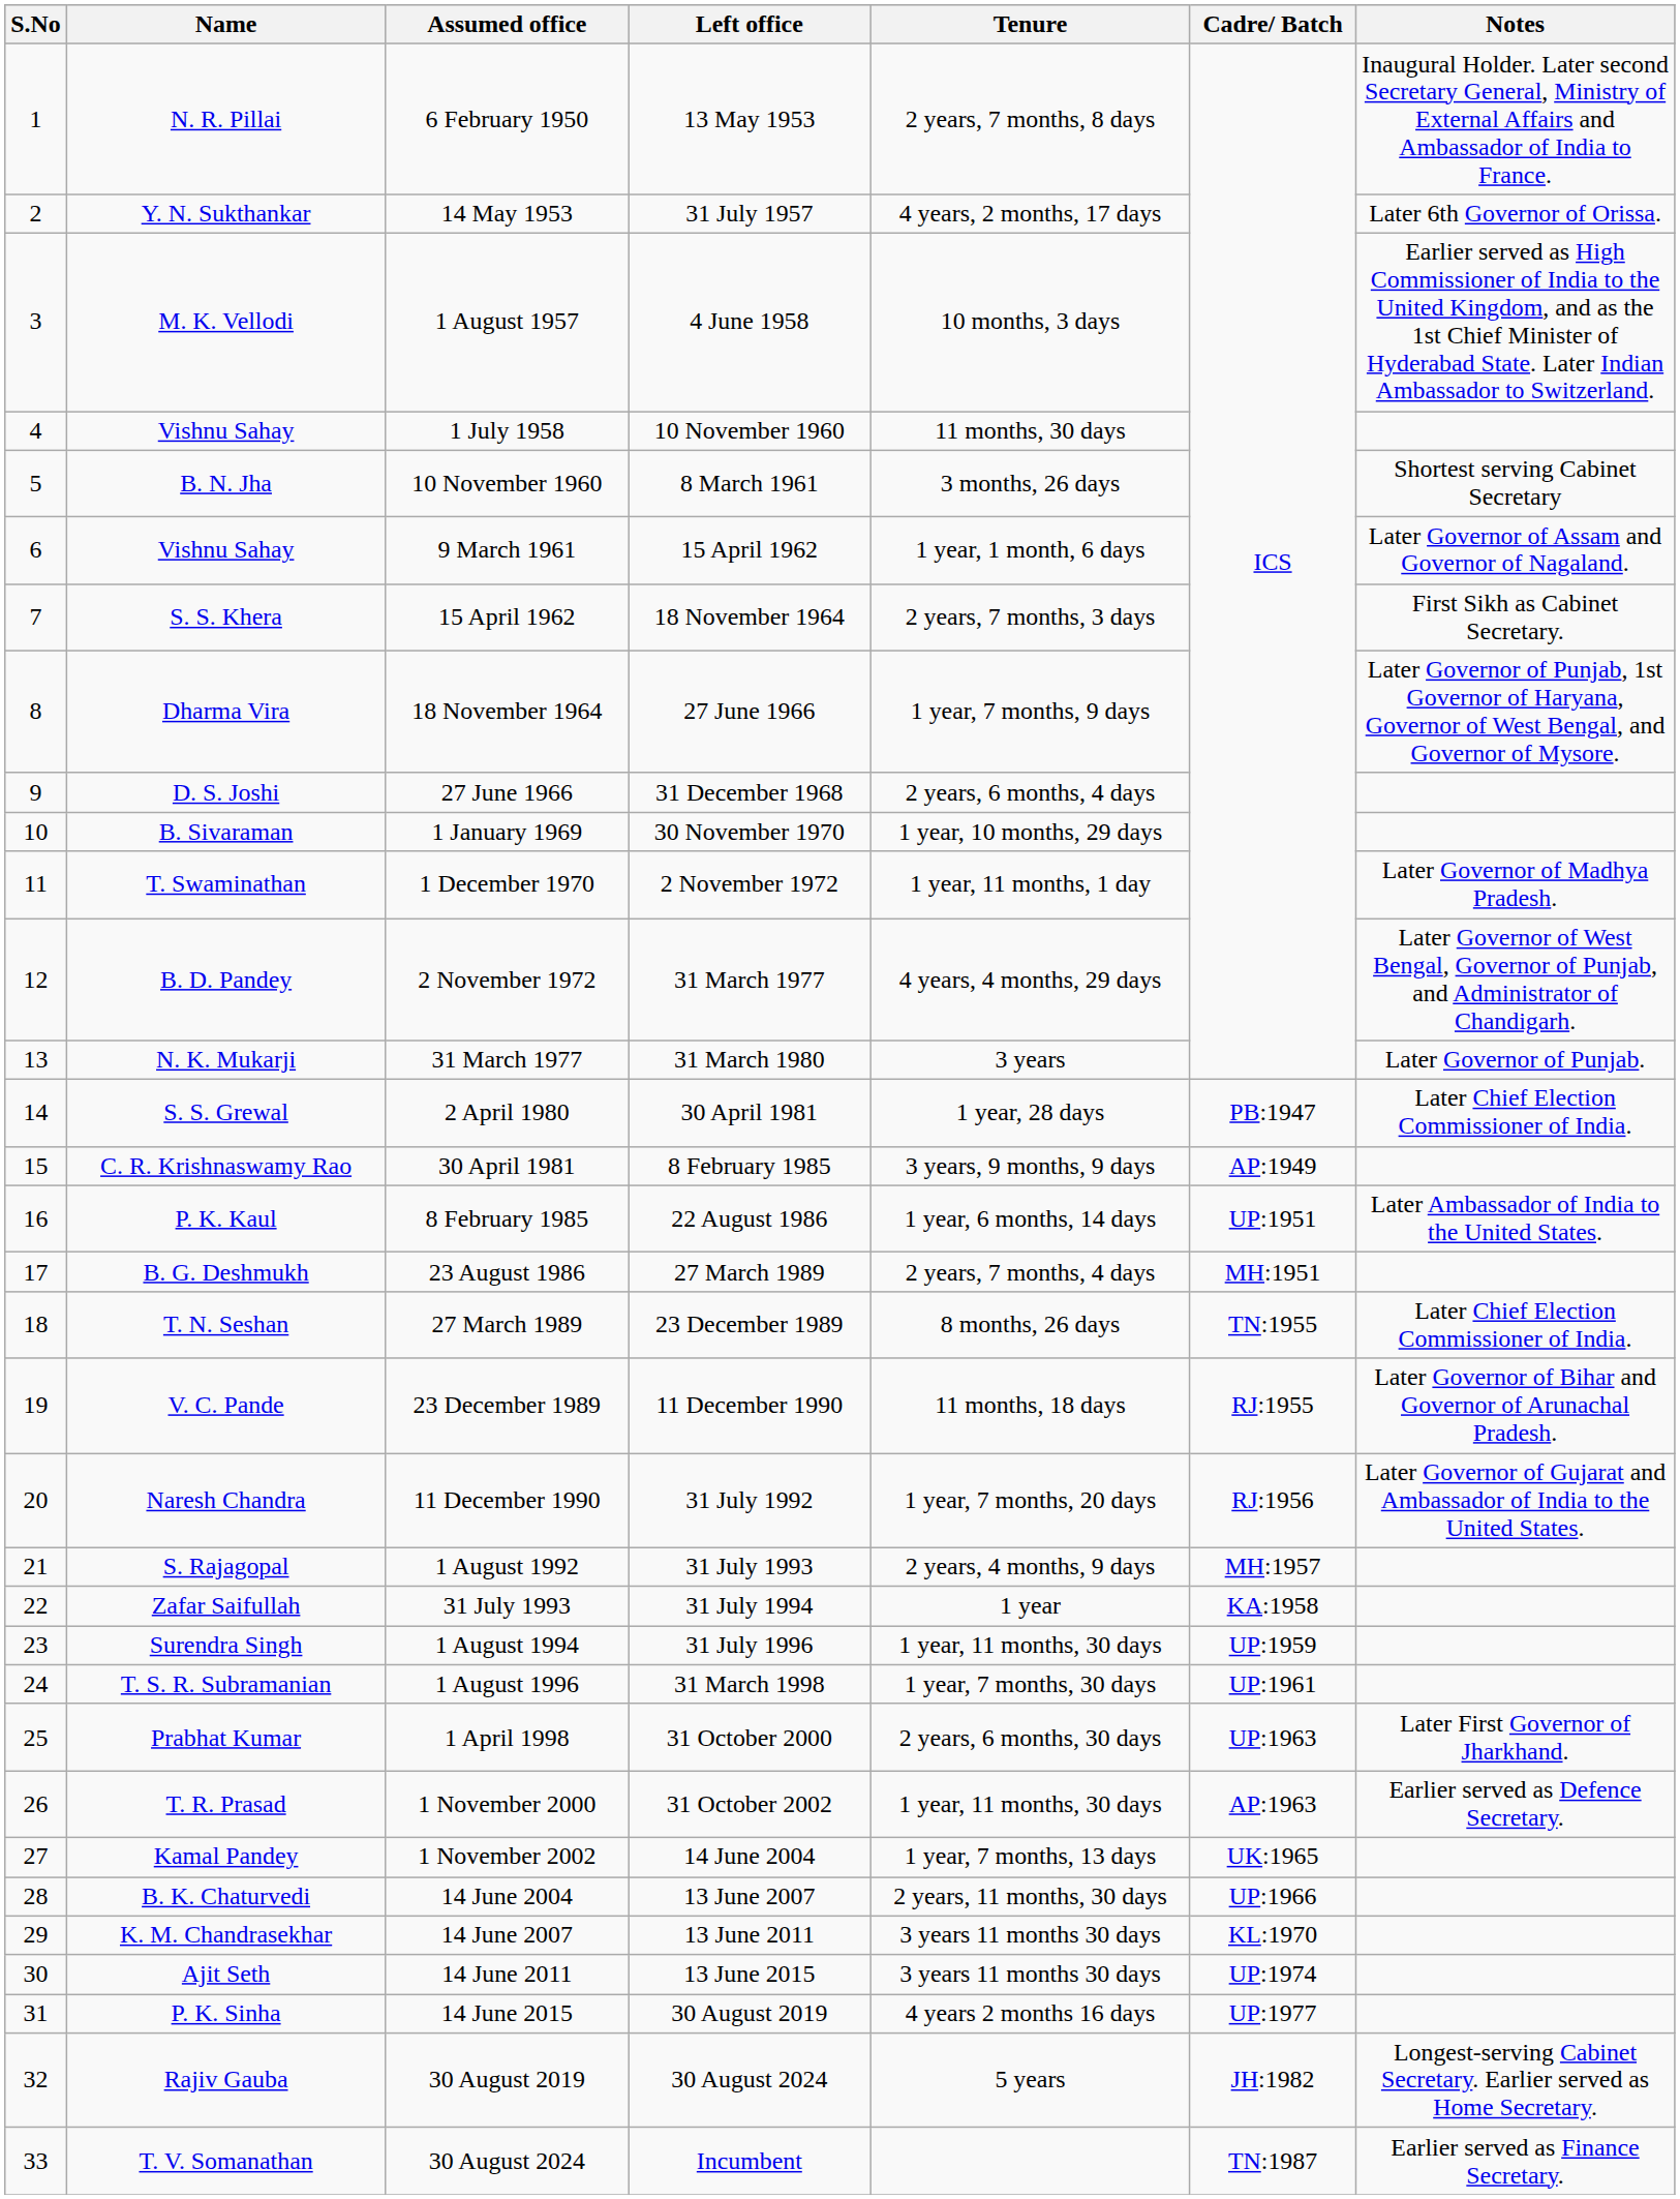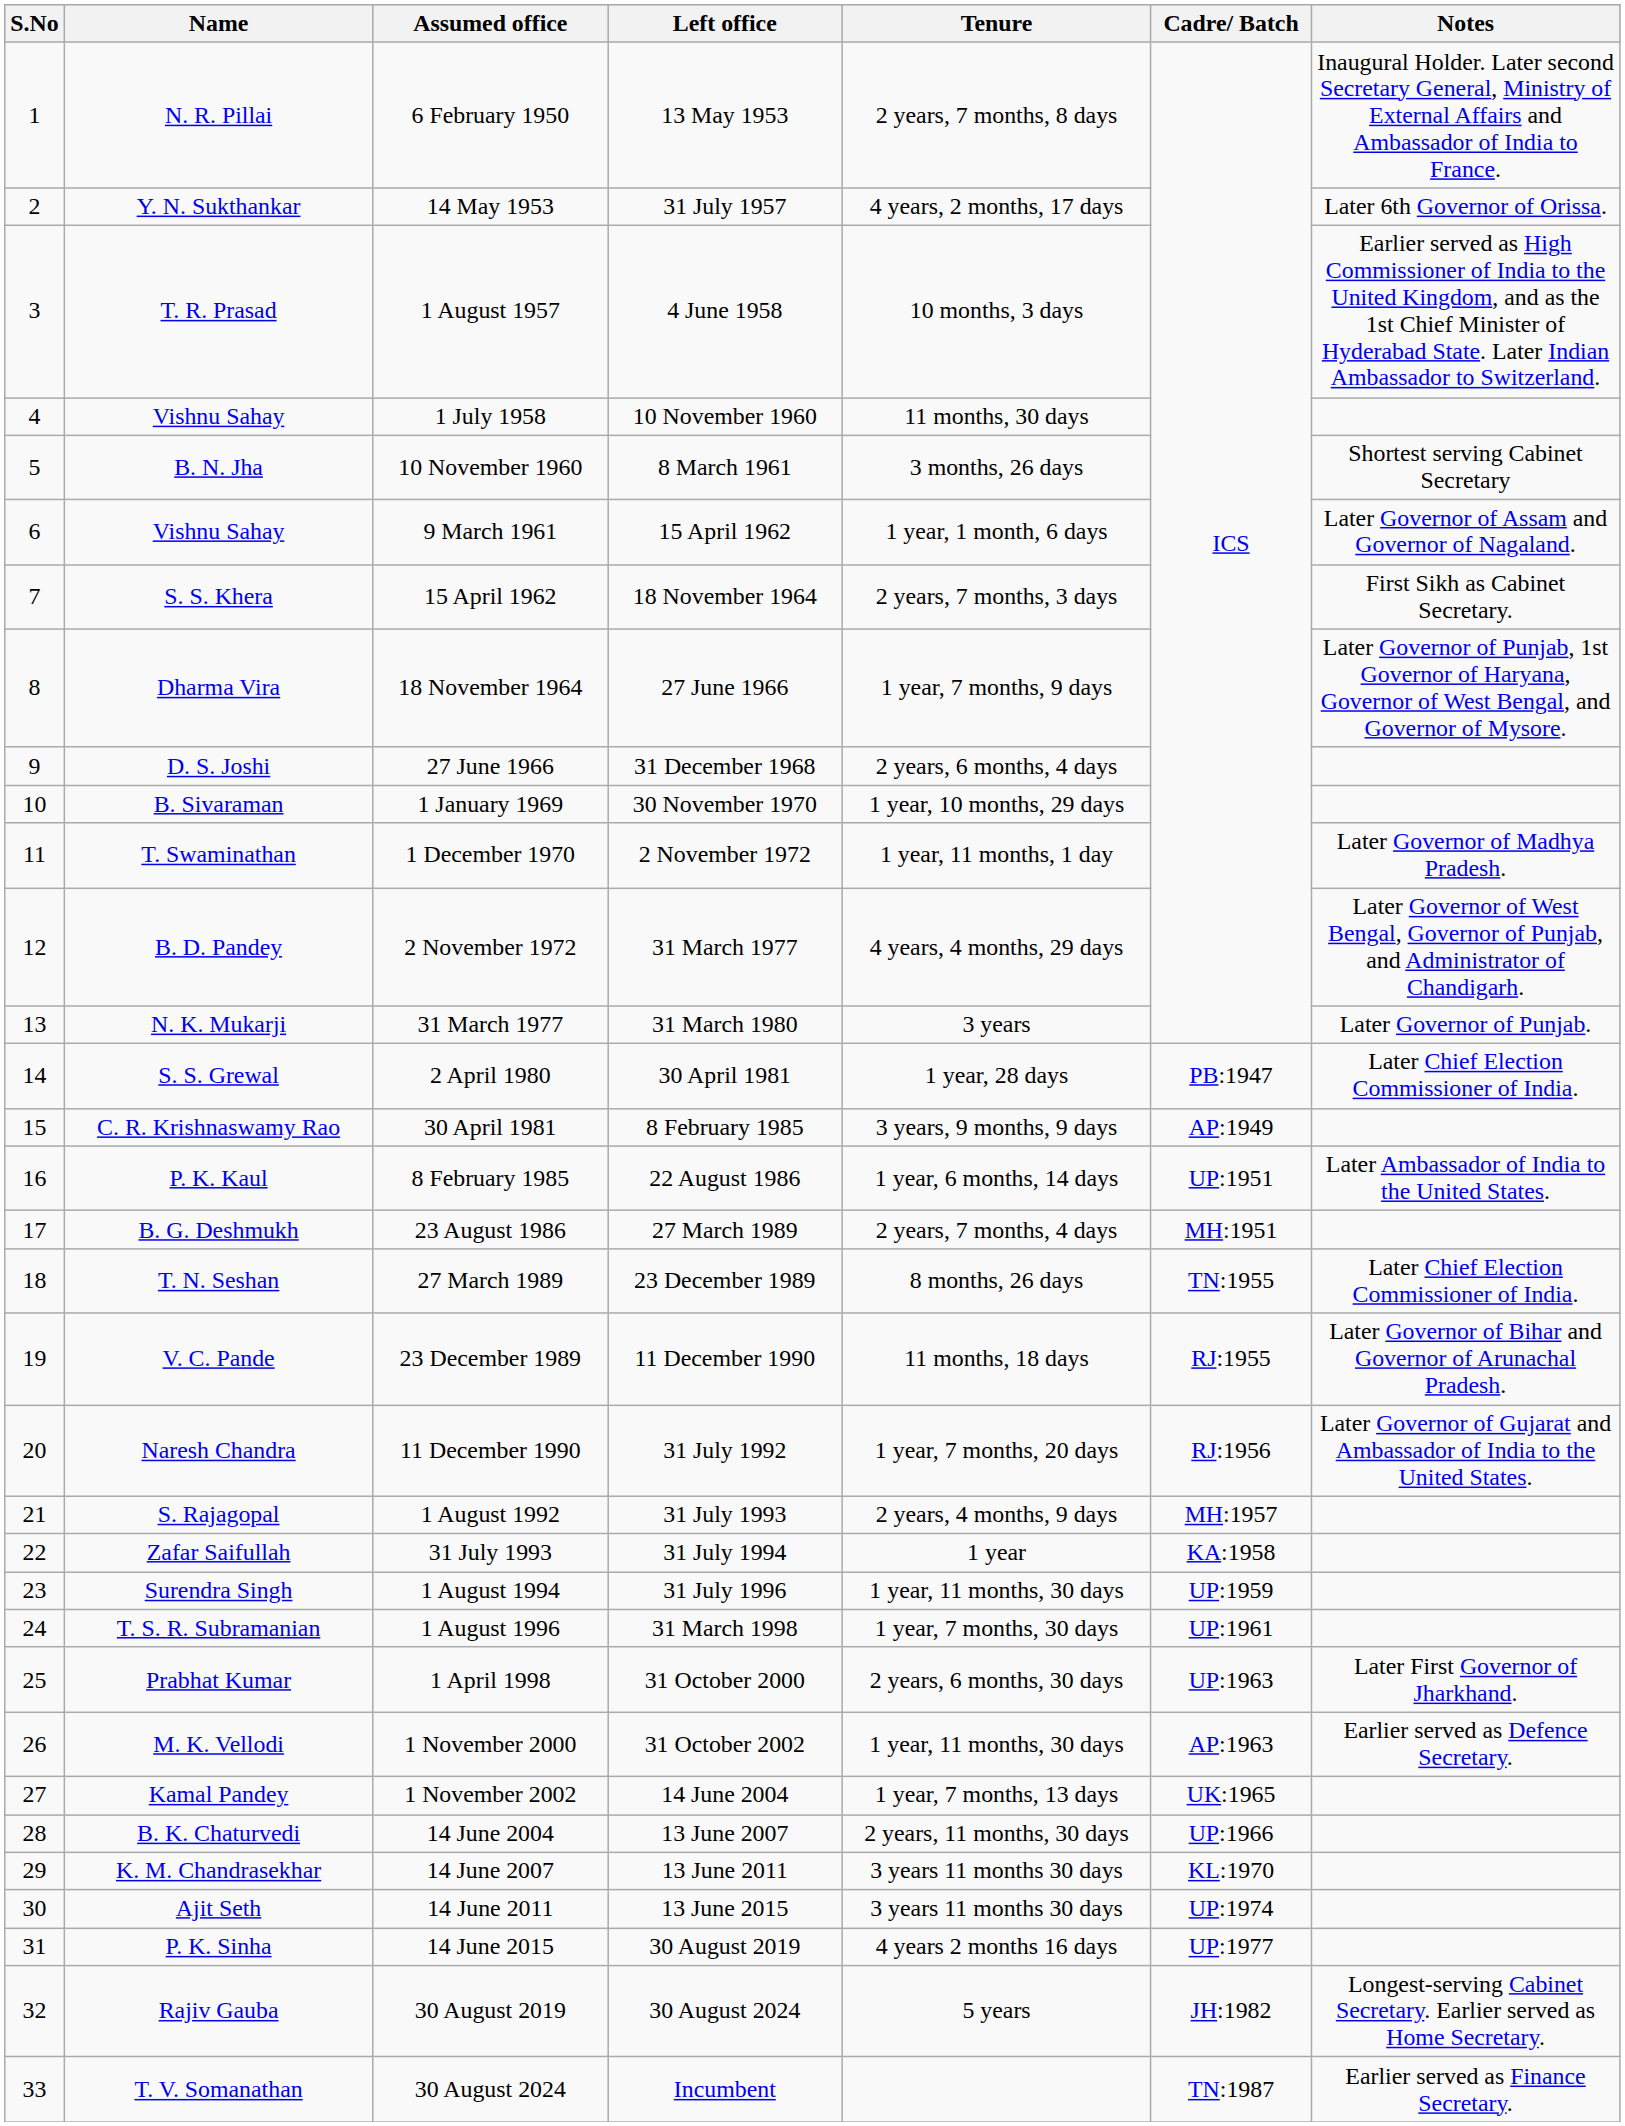 <table class="wikitable sortable" style="text-align:center">
 <tr style="background:#cccccc">
 <th scope="col" style="width: 20px;">S.No</th>
 <th scope="col" style="width: 200px;">Name</th>
 <th scope="col" style="width: 150px;">Assumed office</th>
 <th scope="col" style="width: 150px;">Left office</th>
 <th scope="col" style="width: 200px;">Tenure</th>
 <th scope="col" style="width: 100px;">Cadre/ Batch</th>
 <th scope="col" style="width: 200px;">Notes</th>
 </tr>
 <tr>
 <td>1</td>
 <td><a href='#'>N. R. Pillai</a></td>
 <td>6 February 1950</td>
 <td>13 May 1953</td>
 <td>2 years, 7 months, 8 days</td>
 <td rowspan="13"><a href='#'>ICS</a></td>
 <td>Inaugural Holder. Later second <a href='#'>Secretary General</a>, <a href='#'>Ministry of External Affairs</a> and <a href='#'>Ambassador of India to France</a>.</td>
 </tr>
 <tr>
 <td>2</td>
 <td><a href='#'>Y. N. Sukthankar</a></td>
 <td>14 May 1953</td>
 <td>31 July 1957</td>
 <td>4 years, 2 months, 17 days</td>
 <td>Later 6th <a href='#'>Governor of Orissa</a>.</td>
 </tr>
 <tr>
 <td>3</td>
-<td><a href='#'>M. K. Vellodi</a></td>
+<td><a href='#'>T. R. Prasad</a></td>
 <td>1 August 1957</td>
 <td>4 June 1958</td>
 <td>10 months, 3 days</td>
 <td>Earlier served as <a href='#'>High Commissioner of India to the United Kingdom</a>, and as the 1st Chief Minister of <a href='#'>Hyderabad State</a>. Later <a href='#'>Indian Ambassador to Switzerland</a>.</td>
 </tr>
 <tr>
 <td>4</td>
 <td><a href='#'>Vishnu Sahay</a></td>
 <td>1 July 1958</td>
 <td>10 November 1960</td>
 <td>11 months, 30 days</td>
 <td></td>
 </tr>
 <tr>
 <td>5</td>
 <td><a href='#'>B. N. Jha</a></td>
 <td>10 November 1960</td>
 <td>8 March 1961</td>
 <td>3 months, 26 days</td>
 <td>Shortest serving Cabinet Secretary</td>
 </tr>
 <tr>
 <td>6</td>
 <td><a href='#'>Vishnu Sahay</a></td>
 <td>9 March 1961</td>
 <td>15 April 1962</td>
 <td>1 year, 1 month, 6 days</td>
 <td>Later <a href='#'>Governor of Assam</a> and <a href='#'>Governor of Nagaland</a>.</td>
 </tr>
 <tr>
 <td>7</td>
 <td><a href='#'>S. S. Khera</a></td>
 <td>15 April 1962</td>
 <td>18 November 1964</td>
 <td>2 years, 7 months, 3 days</td>
 <td>First Sikh as Cabinet Secretary.</td>
 </tr>
 <tr>
 <td>8</td>
 <td><a href='#'>Dharma Vira</a></td>
 <td>18 November 1964</td>
 <td>27 June 1966</td>
 <td>1 year, 7 months, 9 days</td>
 <td>Later <a href='#'>Governor of Punjab</a>, 1st <a href='#'>Governor of Haryana</a>, <a href='#'>Governor of West Bengal</a>, and <a href='#'>Governor of Mysore</a>.</td>
 </tr>
 <tr>
 <td>9</td>
 <td><a href='#'>D. S. Joshi</a></td>
 <td>27 June 1966</td>
 <td>31 December 1968</td>
 <td>2 years, 6 months, 4 days</td>
 <td></td>
 </tr>
 <tr>
 <td>10</td>
 <td><a href='#'>B. Sivaraman</a></td>
 <td>1 January 1969</td>
 <td>30 November 1970</td>
 <td>1 year, 10 months, 29 days</td>
 <td></td>
 </tr>
 <tr>
 <td>11</td>
 <td><a href='#'>T. Swaminathan</a></td>
 <td>1 December 1970</td>
 <td>2 November 1972</td>
 <td>1 year, 11 months, 1 day</td>
 <td>Later <a href='#'>Governor of Madhya Pradesh</a>.</td>
 </tr>
 <tr>
 <td>12</td>
 <td><a href='#'>B. D. Pandey</a></td>
 <td>2 November 1972</td>
 <td>31 March 1977</td>
 <td>4 years, 4 months, 29 days</td>
 <td>Later <a href='#'>Governor of West Bengal</a>, <a href='#'>Governor of Punjab</a>, and <a href='#'>Administrator of Chandigarh</a>.</td>
 </tr>
 <tr>
 <td>13</td>
 <td><a href='#'>N. K. Mukarji</a></td>
 <td>31 March 1977</td>
 <td>31 March 1980</td>
 <td>3 years</td>
 <td>Later <a href='#'>Governor of Punjab</a>.</td>
 </tr>
 <tr>
 <td>14</td>
 <td><a href='#'>S. S. Grewal</a></td>
 <td>2 April 1980</td>
 <td>30 April 1981</td>
 <td>1 year, 28 days</td>
 <td><a href='#'>PB</a>:1947</td>
 <td>Later <a href='#'>Chief Election Commissioner of India</a>.</td>
 </tr>
 <tr>
 <td>15</td>
 <td><a href='#'>C. R. Krishnaswamy Rao</a></td>
 <td>30 April 1981</td>
 <td>8 February 1985</td>
 <td>3 years, 9 months, 9 days</td>
 <td><a href='#'>AP</a>:1949</td>
 <td></td>
 </tr>
 <tr>
 <td>16</td>
 <td><a href='#'>P. K. Kaul</a></td>
 <td>8 February 1985</td>
 <td>22 August 1986</td>
 <td>1 year, 6 months, 14 days</td>
 <td><a href='#'>UP</a>:1951</td>
 <td>Later <a href='#'>Ambassador of India to the United States</a>.</td>
 </tr>
 <tr>
 <td>17</td>
 <td><a href='#'>B. G. Deshmukh</a></td>
 <td>23 August 1986</td>
 <td>27 March 1989</td>
 <td>2 years, 7 months, 4 days</td>
 <td><a href='#'>MH</a>:1951</td>
 <td></td>
 </tr>
 <tr>
 <td>18</td>
 <td><a href='#'>T. N. Seshan</a></td>
 <td>27 March 1989</td>
 <td>23 December 1989</td>
 <td>8 months, 26 days</td>
 <td><a href='#'>TN</a>:1955</td>
 <td>Later <a href='#'>Chief Election Commissioner of India</a>.</td>
 </tr>
 <tr>
 <td>19</td>
 <td><a href='#'>V. C. Pande</a></td>
 <td>23 December 1989</td>
 <td>11 December 1990</td>
 <td>11 months, 18 days</td>
 <td><a href='#'>RJ</a>:1955</td>
 <td>Later <a href='#'>Governor of Bihar</a> and <a href='#'>Governor of Arunachal Pradesh</a>.</td>
 </tr>
 <tr>
 <td>20</td>
 <td><a href='#'>Naresh Chandra</a></td>
 <td>11 December 1990</td>
 <td>31 July 1992</td>
 <td>1 year, 7 months, 20 days</td>
 <td><a href='#'>RJ</a>:1956</td>
 <td>Later <a href='#'>Governor of Gujarat</a> and <a href='#'>Ambassador of India to the United States</a>.</td>
 </tr>
 <tr>
 <td>21</td>
 <td><a href='#'>S. Rajagopal</a></td>
 <td>1 August 1992</td>
 <td>31 July 1993</td>
 <td>2 years, 4 months, 9 days</td>
 <td><a href='#'>MH</a>:1957</td>
 <td></td>
 </tr>
 <tr>
 <td>22</td>
 <td><a href='#'>Zafar Saifullah</a></td>
 <td>31 July 1993</td>
 <td>31 July 1994</td>
 <td>1 year</td>
 <td><a href='#'>KA</a>:1958</td>
 <td></td>
 </tr>
 <tr>
 <td>23</td>
 <td><a href='#'>Surendra Singh</a></td>
 <td>1 August 1994</td>
 <td>31 July 1996</td>
 <td>1 year, 11 months, 30 days</td>
 <td><a href='#'>UP</a>:1959</td>
 <td></td>
 </tr>
 <tr>
 <td>24</td>
 <td><a href='#'>T. S. R. Subramanian</a></td>
 <td>1 August 1996</td>
 <td>31 March 1998</td>
 <td>1 year, 7 months, 30 days</td>
 <td><a href='#'>UP</a>:1961</td>
 <td></td>
 </tr>
 <tr>
 <td>25</td>
 <td><a href='#'>Prabhat Kumar</a></td>
 <td>1 April 1998</td>
 <td>31 October 2000</td>
 <td>2 years, 6 months, 30 days</td>
 <td><a href='#'>UP</a>:1963</td>
 <td>Later First <a href='#'>Governor of Jharkhand</a>.</td>
 </tr>
 <tr>
 <td>26</td>
-<td><a href='#'>T. R. Prasad</a></td>
+<td><a href='#'>M. K. Vellodi</a></td>
 <td>1 November 2000</td>
 <td>31 October 2002</td>
 <td>1 year, 11 months, 30 days</td>
 <td><a href='#'>AP</a>:1963</td>
 <td>Earlier served as <a href='#'>Defence Secretary</a>.</td>
 </tr>
 <tr>
 <td>27</td>
 <td><a href='#'>Kamal Pandey</a></td>
 <td>1 November 2002</td>
 <td>14 June 2004</td>
 <td>1 year, 7 months, 13 days</td>
 <td><a href='#'>UK</a>:1965</td>
 <td></td>
 </tr>
 <tr>
 <td>28</td>
 <td><a href='#'>B. K. Chaturvedi</a></td>
 <td>14 June 2004</td>
 <td>13 June 2007</td>
 <td>2 years, 11 months, 30 days</td>
 <td><a href='#'>UP</a>:1966</td>
 <td></td>
 </tr>
 <tr>
 <td>29</td>
 <td><a href='#'>K. M. Chandrasekhar</a></td>
 <td>14 June 2007</td>
 <td>13 June 2011</td>
 <td>3 years 11 months 30 days</td>
 <td><a href='#'>KL</a>:1970</td>
 <td></td>
 </tr>
 <tr>
 <td>30</td>
 <td><a href='#'>Ajit Seth</a></td>
 <td>14 June 2011</td>
 <td>13 June 2015</td>
 <td>3 years 11 months 30 days</td>
 <td><a href='#'>UP</a>:1974</td>
 <td></td>
 </tr>
 <tr>
 <td>31</td>
 <td><a href='#'>P. K. Sinha</a></td>
 <td>14 June 2015</td>
 <td>30 August 2019</td>
 <td>4 years 2 months 16 days</td>
 <td><a href='#'>UP</a>:1977</td>
 <td></td>
 </tr>
 <tr>
 <td>32</td>
 <td><a href='#'>Rajiv Gauba</a></td>
 <td>30 August 2019</td>
 <td>30 August 2024</td>
 <td>5 years</td>
 <td><a href='#'>JH</a>:1982</td>
 <td>Longest-serving <a href='#'>Cabinet Secretary</a>. Earlier served as <a href='#'>Home Secretary</a>.</td>
 </tr>
 <tr>
 <td>33</td>
 <td><a href='#'>T. V. Somanathan</a></td>
 <td>30 August 2024</td>
 <td><a href='#'>Incumbent</a></td>
 <td></td>
 <td><a href='#'>TN</a>:1987</td>
 <td>Earlier served as <a href='#'>Finance Secretary</a>.</td>
 </tr>
 </table>
